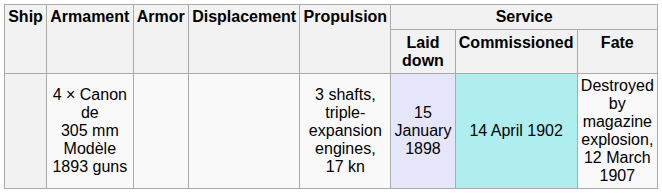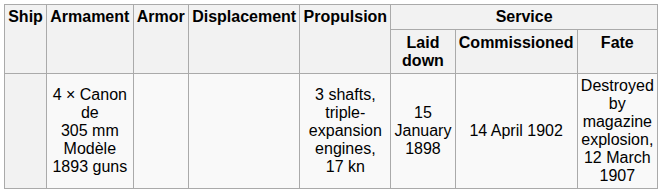 <table class="wikitable plainrowheaders" style="text-align: center;">
 <tr valign="top">
 <th scope="col" rowspan="2">Ship</th>
 <th scope="col" rowspan="2">Armament</th>
 <th scope="col" rowspan="2">Armor</th>
 <th scope="col" rowspan="2">Displacement</th>
 <th scope="col" rowspan="2">Propulsion</th>
 <th scope="col" colspan="3">Service</th>
 </tr>
 <tr valign="top">
 <th scope="col">Laid down</th>
 <th scope="col">Commissioned</th>
 <th scope="col">Fate</th>
 </tr>
 <tr valign="center">
 <th scope="row"></th>
 <td>4 × Canon de 305 mm Modèle 1893 guns</td>
 <td></td>
 <td></td>
 <td>3 shafts, triple-expansion engines, 17 kn</td>
-<td style="background: lavender;">15 January 1898</td>
-<td style="background: paleturquoise;">14 April 1902</td>
+<td>15 January 1898</td>
+<td>14 April 1902</td>
 <td>Destroyed by magazine explosion, 12 March 1907</td>
 </tr>
 </table>
